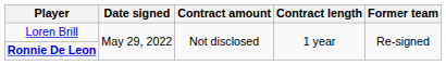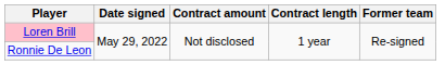 <table class="wikitable sortable sortable">
 <tr>
 <th>Player</th>
 <th>Date signed</th>
 <th>Contract amount</th>
 <th>Contract length</th>
 <th>Former team</th>
 </tr>
 <tr>
-<td align=center><a href='#'>Loren Brill</a></td>
+<td align=center style="background: pink;"><a href='#'>Loren Brill</a></td>
 <td align=center rowspan=2>May 29, 2022</td>
 <td align=center rowspan=2>Not disclosed</td>
 <td align=center rowspan=2>1 year</td>
 <td align=center rowspan=2>Re-signed</td>
 </tr>
 <tr>
-<td align=center><strong><a href='#'>Ronnie De Leon</a></strong></td>
+<td align=center><a href='#'>Ronnie De Leon</a></td>
 </tr>
 </table>
